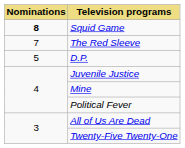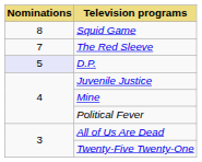 <table class="wikitable">
 <tr>
 <th style="background:#EEDD82; text-align:center">Nominations</th>
 <th style="background:#EEDD82; text-align:center">Television programs</th>
 </tr>
 <tr>
-<td style="text-align:center"><strong>8 </strong></td>
+<td style="text-align:center">8 </td>
 <td><em><a href='#'>Squid Game</a></em></td>
 </tr>
 <tr>
 <td style="text-align:center">7</td>
 <td><em><a href='#'>The Red Sleeve</a></em></td>
 </tr>
 <tr>
-<td style="text-align:center">5 </td>
+<td style="background: lavender; text-align:center">5 </td>
 <td><em><a href='#'>D.P.</a></em></td>
 </tr>
 <tr>
 <td rowspan=3 style="text-align:center">4</td>
 <td><em><a href='#'>Juvenile Justice</a></em></td>
 </tr>
 <tr>
 <td><em><a href='#'>Mine</a></em></td>
 </tr>
 <tr>
 <td><em>Political Fever</em></td>
 </tr>
 <tr>
 <td rowspan=3 style="text-align:center">3</td>
 <td><em><a href='#'>All of Us Are Dead</a></em></td>
 </tr>
 <tr>
 <td><em><a href='#'>Twenty-Five Twenty-One</a></em></td>
 </tr>
 </table>
